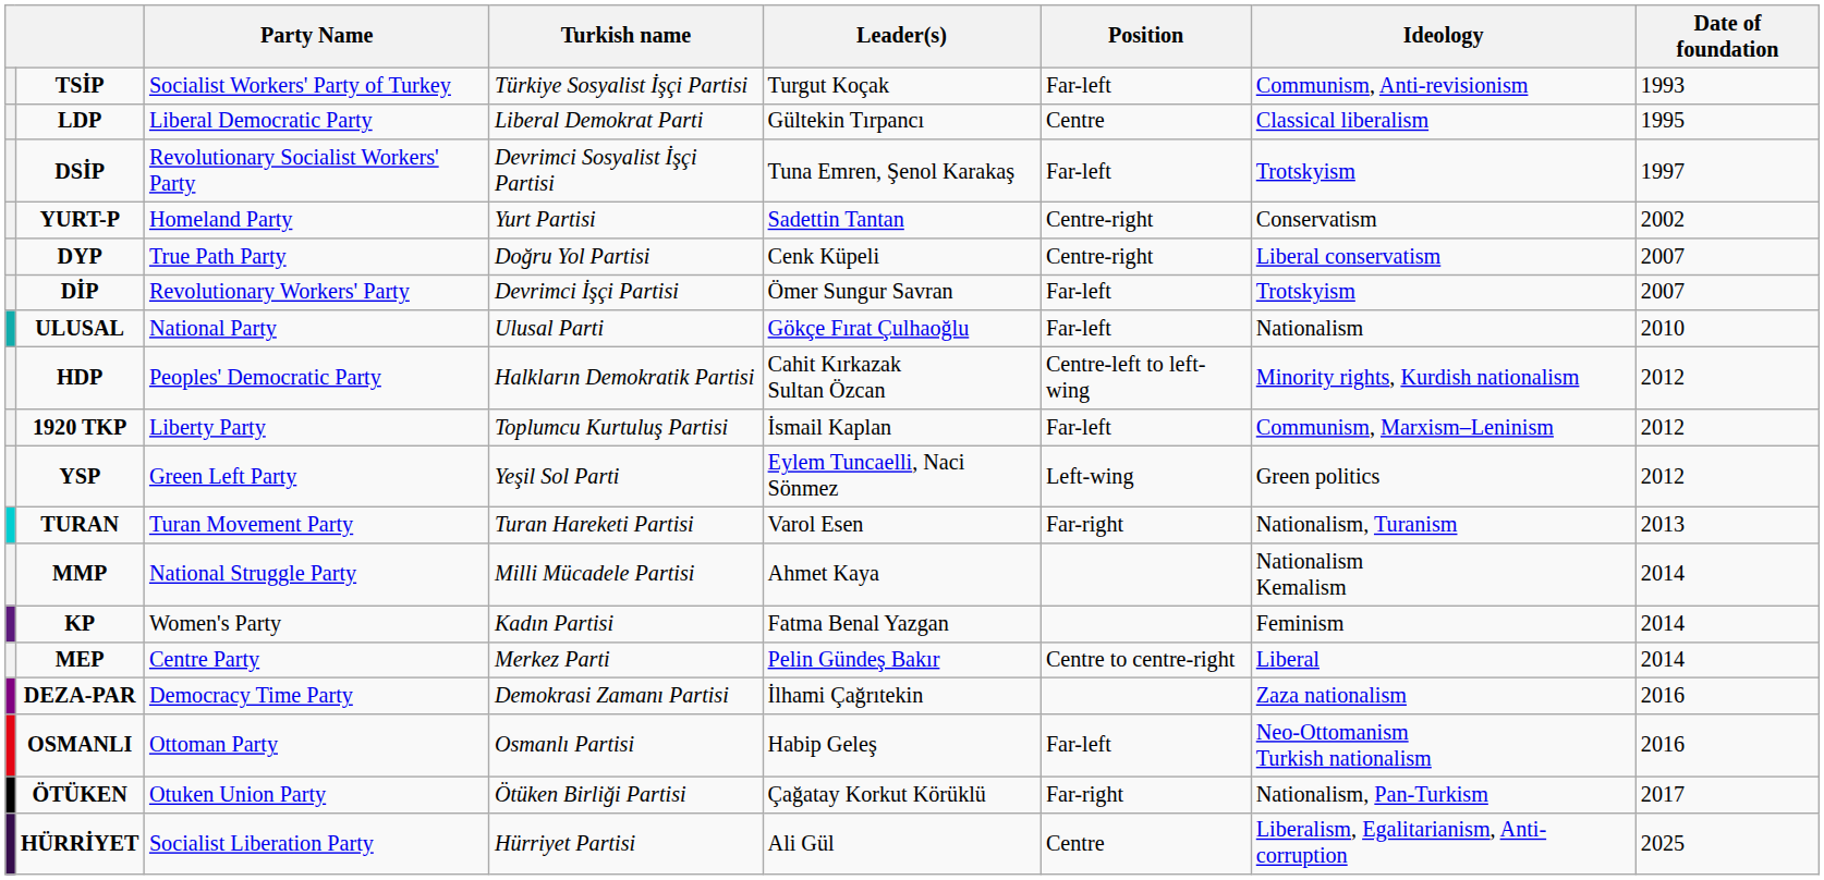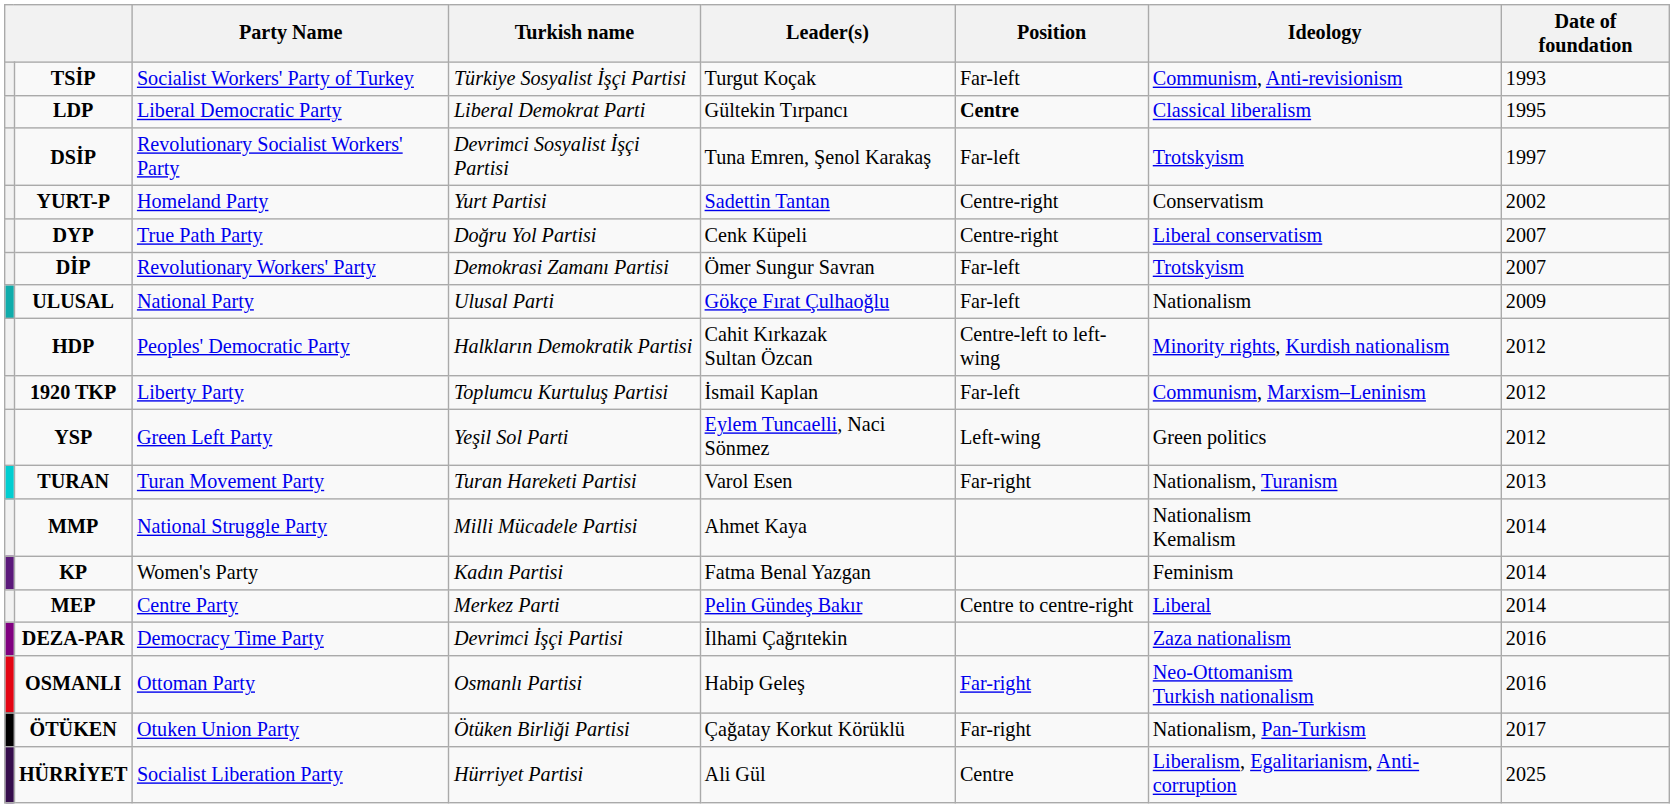 <table class="wikitable sortable" style="text-align:left;;width: 60%;font-size:90%">
 <tr>
 <th colspan="2" style="background-color:#FFFFF; color:black; width:0.5px"></th>
 <th style="background-color:#FFFFF; color:black;">Party Name</th>
 <th>Turkish name</th>
 <th style="background-color:#FFFFF; color:black;">Leader(s)</th>
 <th style="background-color:#FFFFF; color:black;">Position</th>
 <th style="background-color:#FFFFF; color:black;">Ideology</th>
 <th>Date of foundation</th>
 </tr>
 <tr>
 <th style="background-color:"></th>
 <td align="center"><strong>TSİP</strong></td>
 <td><a href='#'>Socialist Workers' Party of Turkey</a></td>
 <td><em>Türkiye Sosyalist İşçi Partisi</em></td>
 <td>Turgut Koçak</td>
 <td>Far-left</td>
 <td><a href='#'>Communism</a>, <a href='#'>Anti-revisionism</a></td>
 <td>1993</td>
 </tr>
 <tr>
 <th style="background-color:"></th>
 <td align="center"><strong>LDP</strong></td>
 <td><a href='#'>Liberal Democratic Party</a></td>
 <td><em>Liberal Demokrat Parti</em></td>
 <td>Gültekin Tırpancı</td>
-<td>Centre</td>
+<td><strong>Centre</strong></td>
 <td><a href='#'>Classical liberalism</a></td>
 <td>1995</td>
 </tr>
 <tr>
 <th style="background-color:"></th>
 <td align="center"><strong>DSİP</strong></td>
 <td><a href='#'>Revolutionary Socialist Workers' Party</a></td>
 <td><em>Devrimci Sosyalist İşçi Partisi</em></td>
 <td>Tuna Emren, Şenol Karakaş</td>
 <td>Far-left</td>
 <td><a href='#'>Trotskyism</a></td>
 <td>1997</td>
 </tr>
 <tr>
 <th style="background-color:"></th>
 <td align="center"><strong>YURT-P</strong></td>
 <td><a href='#'>Homeland Party</a></td>
 <td><em>Yurt Partisi</em></td>
 <td><a href='#'>Sadettin Tantan</a></td>
 <td>Centre-right</td>
 <td>Conservatism</td>
 <td>2002</td>
 </tr>
 <tr>
 <th style="background-color:"></th>
 <td align="center"><strong>DYP</strong></td>
 <td><a href='#'>True Path Party</a></td>
 <td><em>Doğru Yol Partisi</em></td>
 <td>Cenk Küpeli</td>
 <td>Centre-right</td>
 <td><a href='#'>Liberal conservatism</a></td>
 <td>2007</td>
 </tr>
 <tr>
 <th style="background-color:"></th>
 <td align="center"><strong>DİP</strong></td>
 <td><a href='#'>Revolutionary Workers' Party</a></td>
-<td><em>Devrimci İşçi Partisi</em></td>
+<td><em>Demokrasi Zamanı Partisi</em></td>
 <td>Ömer Sungur Savran</td>
 <td>Far-left</td>
 <td><a href='#'>Trotskyism</a></td>
 <td>2007</td>
 </tr>
 <tr>
 <th style="background-color:#10ACAB"></th>
 <td align="center"><strong>ULUSAL</strong></td>
 <td><a href='#'>National Party</a></td>
 <td><em>Ulusal Parti</em></td>
 <td><a href='#'>Gökçe Fırat Çulhaoğlu</a></td>
 <td>Far-left</td>
 <td>Nationalism</td>
-<td>2010</td>
+<td>2009</td>
 </tr>
 <tr>
 <th style="background-color:"></th>
 <td align="center"><strong>HDP</strong></td>
 <td><a href='#'>Peoples' Democratic Party</a></td>
 <td><em>Halkların Demokratik Partisi</em></td>
 <td>Cahit Kırkazak<br>Sultan Özcan</td>
 <td>Centre-left to left-wing</td>
 <td><a href='#'>Minority rights</a>, <a href='#'>Kurdish nationalism</a></td>
 <td>2012</td>
 </tr>
 <tr>
 <th style="background-color:"></th>
 <td align="center"><strong>1920 TKP</strong></td>
 <td><a href='#'>Liberty Party</a></td>
 <td><em>Toplumcu Kurtuluş Partisi</em></td>
 <td>İsmail Kaplan</td>
 <td>Far-left</td>
 <td><a href='#'>Communism</a>, <a href='#'>Marxism–Leninism</a></td>
 <td>2012</td>
 </tr>
 <tr>
 <th style="background-color:"></th>
 <td align="center"><strong>YSP</strong></td>
 <td><a href='#'>Green Left Party</a></td>
 <td><em>Yeşil Sol Parti</em></td>
 <td><a href='#'>Eylem Tuncaelli</a>, Naci Sönmez</td>
 <td>Left-wing</td>
 <td>Green politics</td>
 <td>2012</td>
 </tr>
 <tr>
 <th style="background-color:#00CED1"></th>
 <td align="center"><strong>TURAN</strong></td>
 <td><a href='#'>Turan Movement Party</a></td>
 <td><em>Turan Hareketi Partisi</em></td>
 <td>Varol Esen</td>
 <td>Far-right</td>
 <td>Nationalism, <a href='#'>Turanism</a></td>
 <td>2013</td>
 </tr>
 <tr>
 <th style="background-color:"></th>
 <td align="center"><strong>MMP</strong></td>
 <td><a href='#'>National Struggle Party</a></td>
 <td><em>Milli Mücadele Partisi</em></td>
 <td>Ahmet Kaya</td>
 <td></td>
 <td>Nationalism<br>Kemalism</td>
 <td>2014</td>
 </tr>
 <tr>
 <th style="background-color:#5B197B"></th>
 <td align="center"><strong>KP</strong></td>
 <td>Women's Party</td>
 <td><em>Kadın Partisi</em></td>
 <td>Fatma Benal Yazgan</td>
 <td></td>
 <td>Feminism</td>
 <td>2014</td>
 </tr>
 <tr>
 <th style="background-color:"></th>
 <td align="center"><strong>MEP</strong></td>
 <td><a href='#'>Centre Party</a></td>
 <td><em>Merkez Parti</em></td>
 <td><a href='#'>Pelin Gündeş Bakır</a></td>
 <td>Centre to centre-right</td>
 <td><a href='#'>Liberal</a></td>
 <td>2014</td>
 </tr>
 <tr>
 <th style="background-color:#800080"></th>
 <td align="center"><strong>DEZA-PAR</strong></td>
 <td><a href='#'>Democracy Time Party</a></td>
-<td><em>Demokrasi Zamanı Partisi</em></td>
+<td><em>Devrimci İşçi Partisi</em></td>
 <td>İlhami Çağrıtekin</td>
 <td></td>
 <td><a href='#'>Zaza nationalism</a></td>
 <td>2016</td>
 </tr>
 <tr>
 <th style="background-color:#E40513"></th>
 <td align="center"><strong>OSMANLI</strong></td>
 <td><a href='#'>Ottoman Party</a></td>
 <td><em>Osmanlı Partisi</em></td>
 <td>Habip Geleş</td>
-<td>Far-left</td>
+<td><a href='#'>Far-right</a></td>
 <td><a href='#'>Neo-Ottomanism</a><br><a href='#'>Turkish nationalism</a></td>
 <td>2016</td>
 </tr>
 <tr>
 <th style="background-color:#000000"></th>
 <td align="center"><strong>ÖTÜKEN</strong></td>
 <td><a href='#'>Otuken Union Party</a></td>
 <td><em>Ötüken Birliği Partisi</em></td>
 <td>Çağatay Korkut Körüklü</td>
 <td>Far-right</td>
 <td>Nationalism, <a href='#'>Pan-Turkism</a></td>
 <td>2017</td>
 </tr>
 <tr>
 <th style="background-color:#350d4c"></th>
 <td align="center"><strong>HÜRRİYET</strong></td>
 <td><a href='#'>Socialist Liberation Party</a></td>
 <td><em>Hürriyet Partisi</em></td>
 <td>Ali Gül</td>
 <td>Centre</td>
 <td><a href='#'>Liberalism</a>, <a href='#'>Egalitarianism</a>, <a href='#'>Anti-corruption</a></td>
 <td>2025</td>
 </tr>
 </table>
